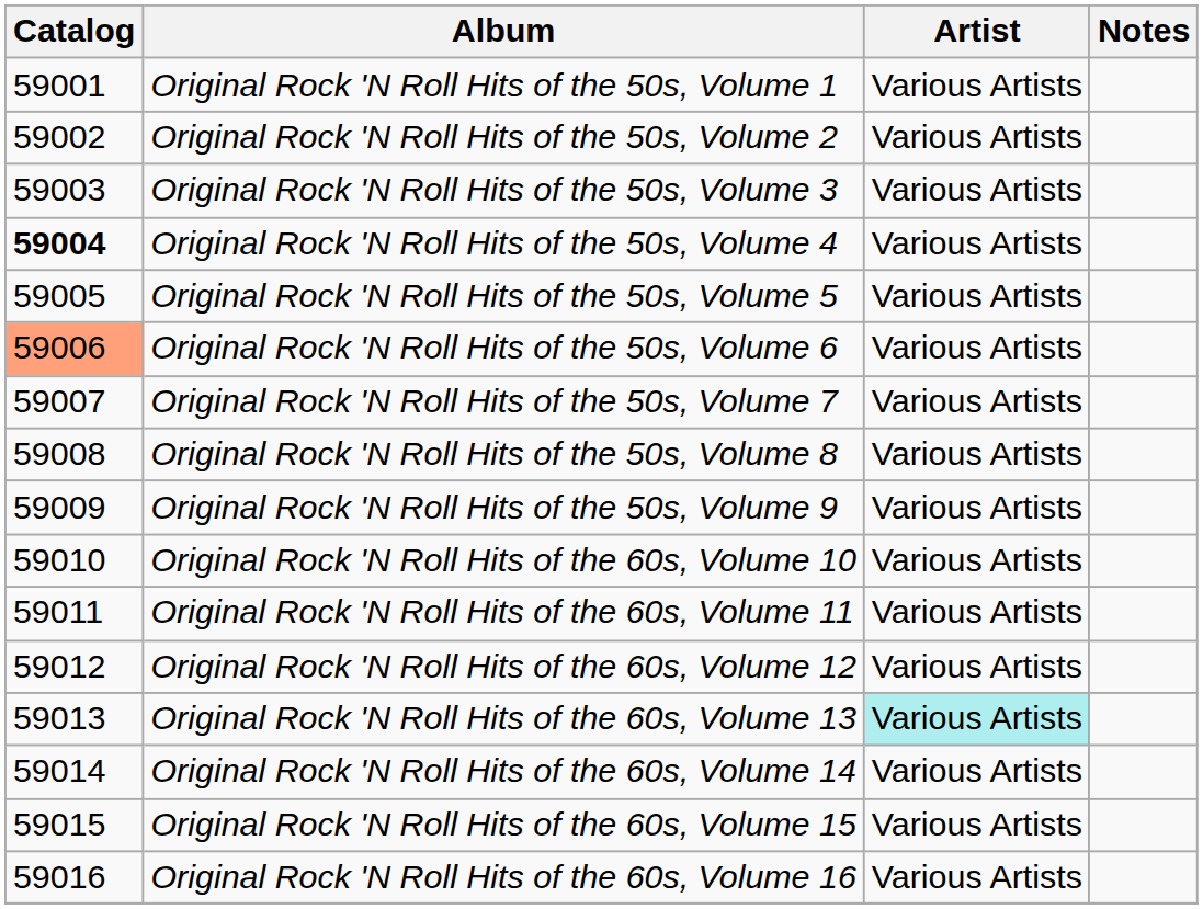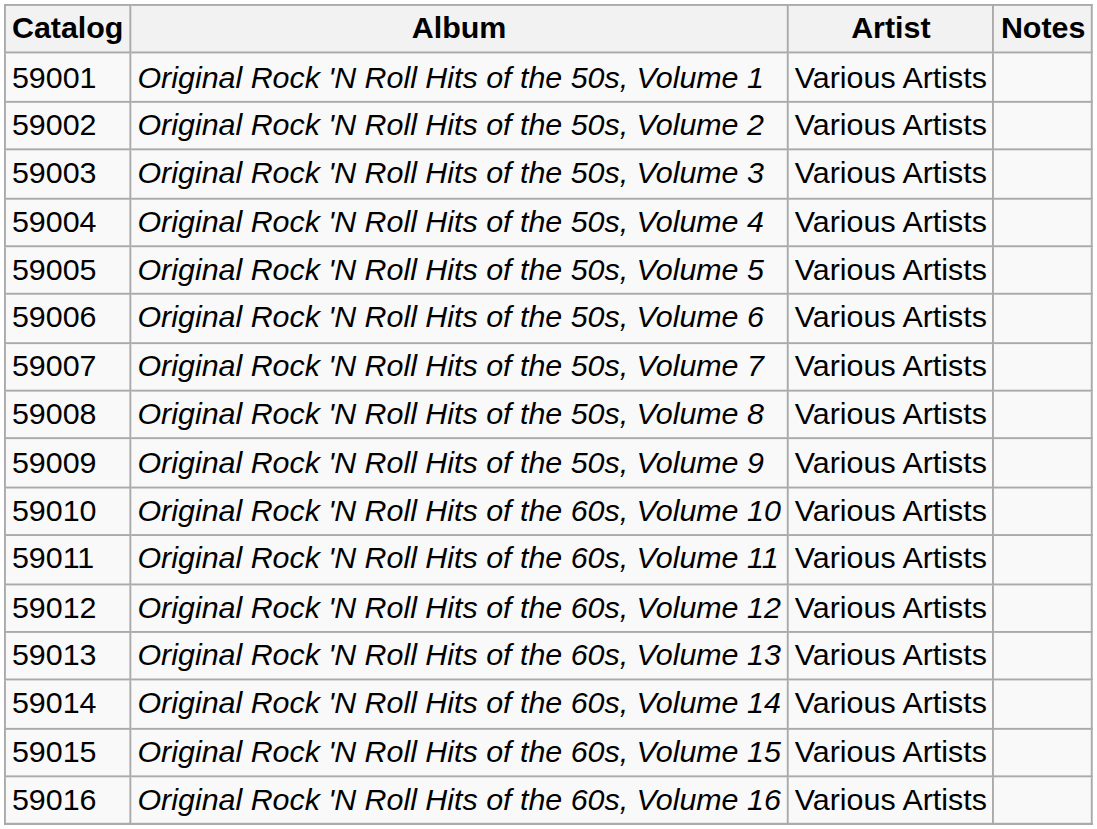 <table class="wikitable sortable">
 <tr>
 <th>Catalog</th>
 <th>Album</th>
 <th>Artist</th>
 <th>Notes</th>
 </tr>
 <tr>
 <td>59001</td>
 <td><em>Original Rock 'N Roll Hits of the 50s, Volume 1</em></td>
 <td>Various Artists</td>
 <td></td>
 </tr>
 <tr>
 <td>59002</td>
 <td><em>Original Rock 'N Roll Hits of the 50s, Volume 2</em></td>
 <td>Various Artists</td>
 <td></td>
 </tr>
 <tr>
 <td>59003</td>
 <td><em>Original Rock 'N Roll Hits of the 50s, Volume 3</em></td>
 <td>Various Artists</td>
 <td></td>
 </tr>
 <tr>
-<td><strong>59004</strong></td>
+<td>59004</td>
 <td><em>Original Rock 'N Roll Hits of the 50s, Volume 4</em></td>
 <td>Various Artists</td>
 <td></td>
 </tr>
 <tr>
 <td>59005</td>
 <td><em>Original Rock 'N Roll Hits of the 50s, Volume 5</em></td>
 <td>Various Artists</td>
 <td></td>
 </tr>
 <tr>
-<td style="background: lightsalmon;">59006</td>
+<td>59006</td>
 <td><em>Original Rock 'N Roll Hits of the 50s, Volume 6</em></td>
 <td>Various Artists</td>
 <td></td>
 </tr>
 <tr>
 <td>59007</td>
 <td><em>Original Rock 'N Roll Hits of the 50s, Volume 7</em></td>
 <td>Various Artists</td>
 <td></td>
 </tr>
 <tr>
 <td>59008</td>
 <td><em>Original Rock 'N Roll Hits of the 50s, Volume 8</em></td>
 <td>Various Artists</td>
 <td></td>
 </tr>
 <tr>
 <td>59009</td>
 <td><em>Original Rock 'N Roll Hits of the 50s, Volume 9</em></td>
 <td>Various Artists</td>
 <td></td>
 </tr>
 <tr>
 <td>59010</td>
 <td><em>Original Rock 'N Roll Hits of the 60s, Volume 10</em></td>
 <td>Various Artists</td>
 <td></td>
 </tr>
 <tr>
 <td>59011</td>
 <td><em>Original Rock 'N Roll Hits of the 60s, Volume 11</em></td>
 <td>Various Artists</td>
 <td></td>
 </tr>
 <tr>
 <td>59012</td>
 <td><em>Original Rock 'N Roll Hits of the 60s, Volume 12</em></td>
 <td>Various Artists</td>
 <td></td>
 </tr>
 <tr>
 <td>59013</td>
 <td><em>Original Rock 'N Roll Hits of the 60s, Volume 13</em></td>
-<td style="background: paleturquoise;">Various Artists</td>
+<td>Various Artists</td>
 <td></td>
 </tr>
 <tr>
 <td>59014</td>
 <td><em>Original Rock 'N Roll Hits of the 60s, Volume 14</em></td>
 <td>Various Artists</td>
 <td></td>
 </tr>
 <tr>
 <td>59015</td>
 <td><em>Original Rock 'N Roll Hits of the 60s, Volume 15</em></td>
 <td>Various Artists</td>
 <td></td>
 </tr>
 <tr>
 <td>59016</td>
 <td><em>Original Rock 'N Roll Hits of the 60s, Volume 16</em></td>
 <td>Various Artists</td>
 <td></td>
 </tr>
 <tr>
 </tr>
 </table>
